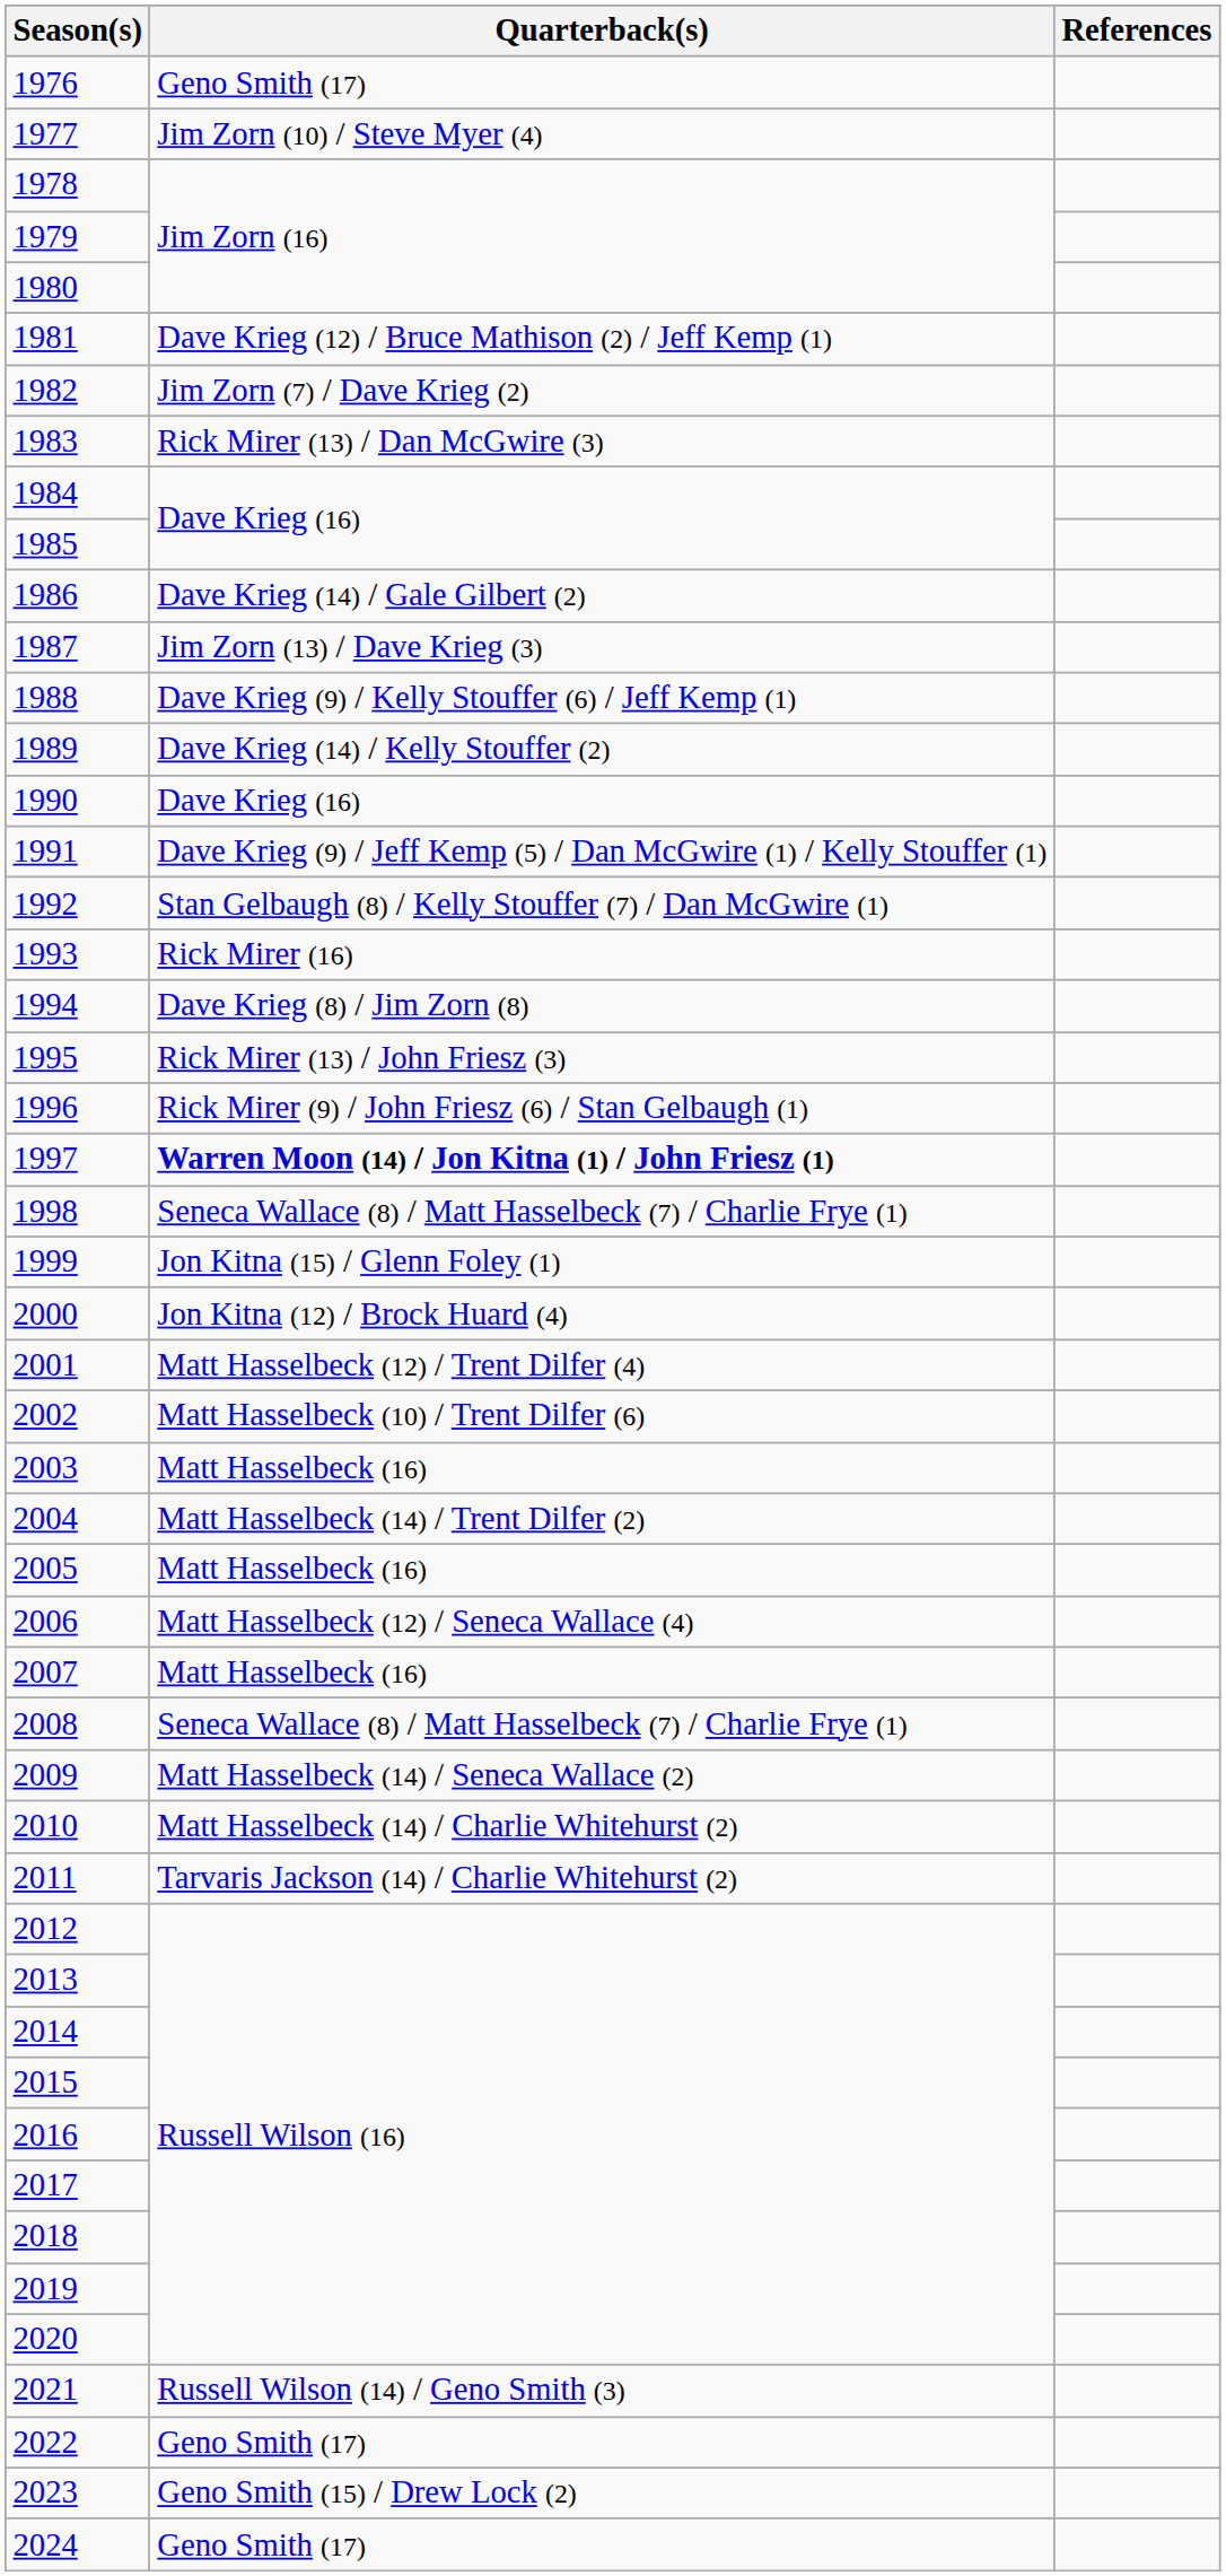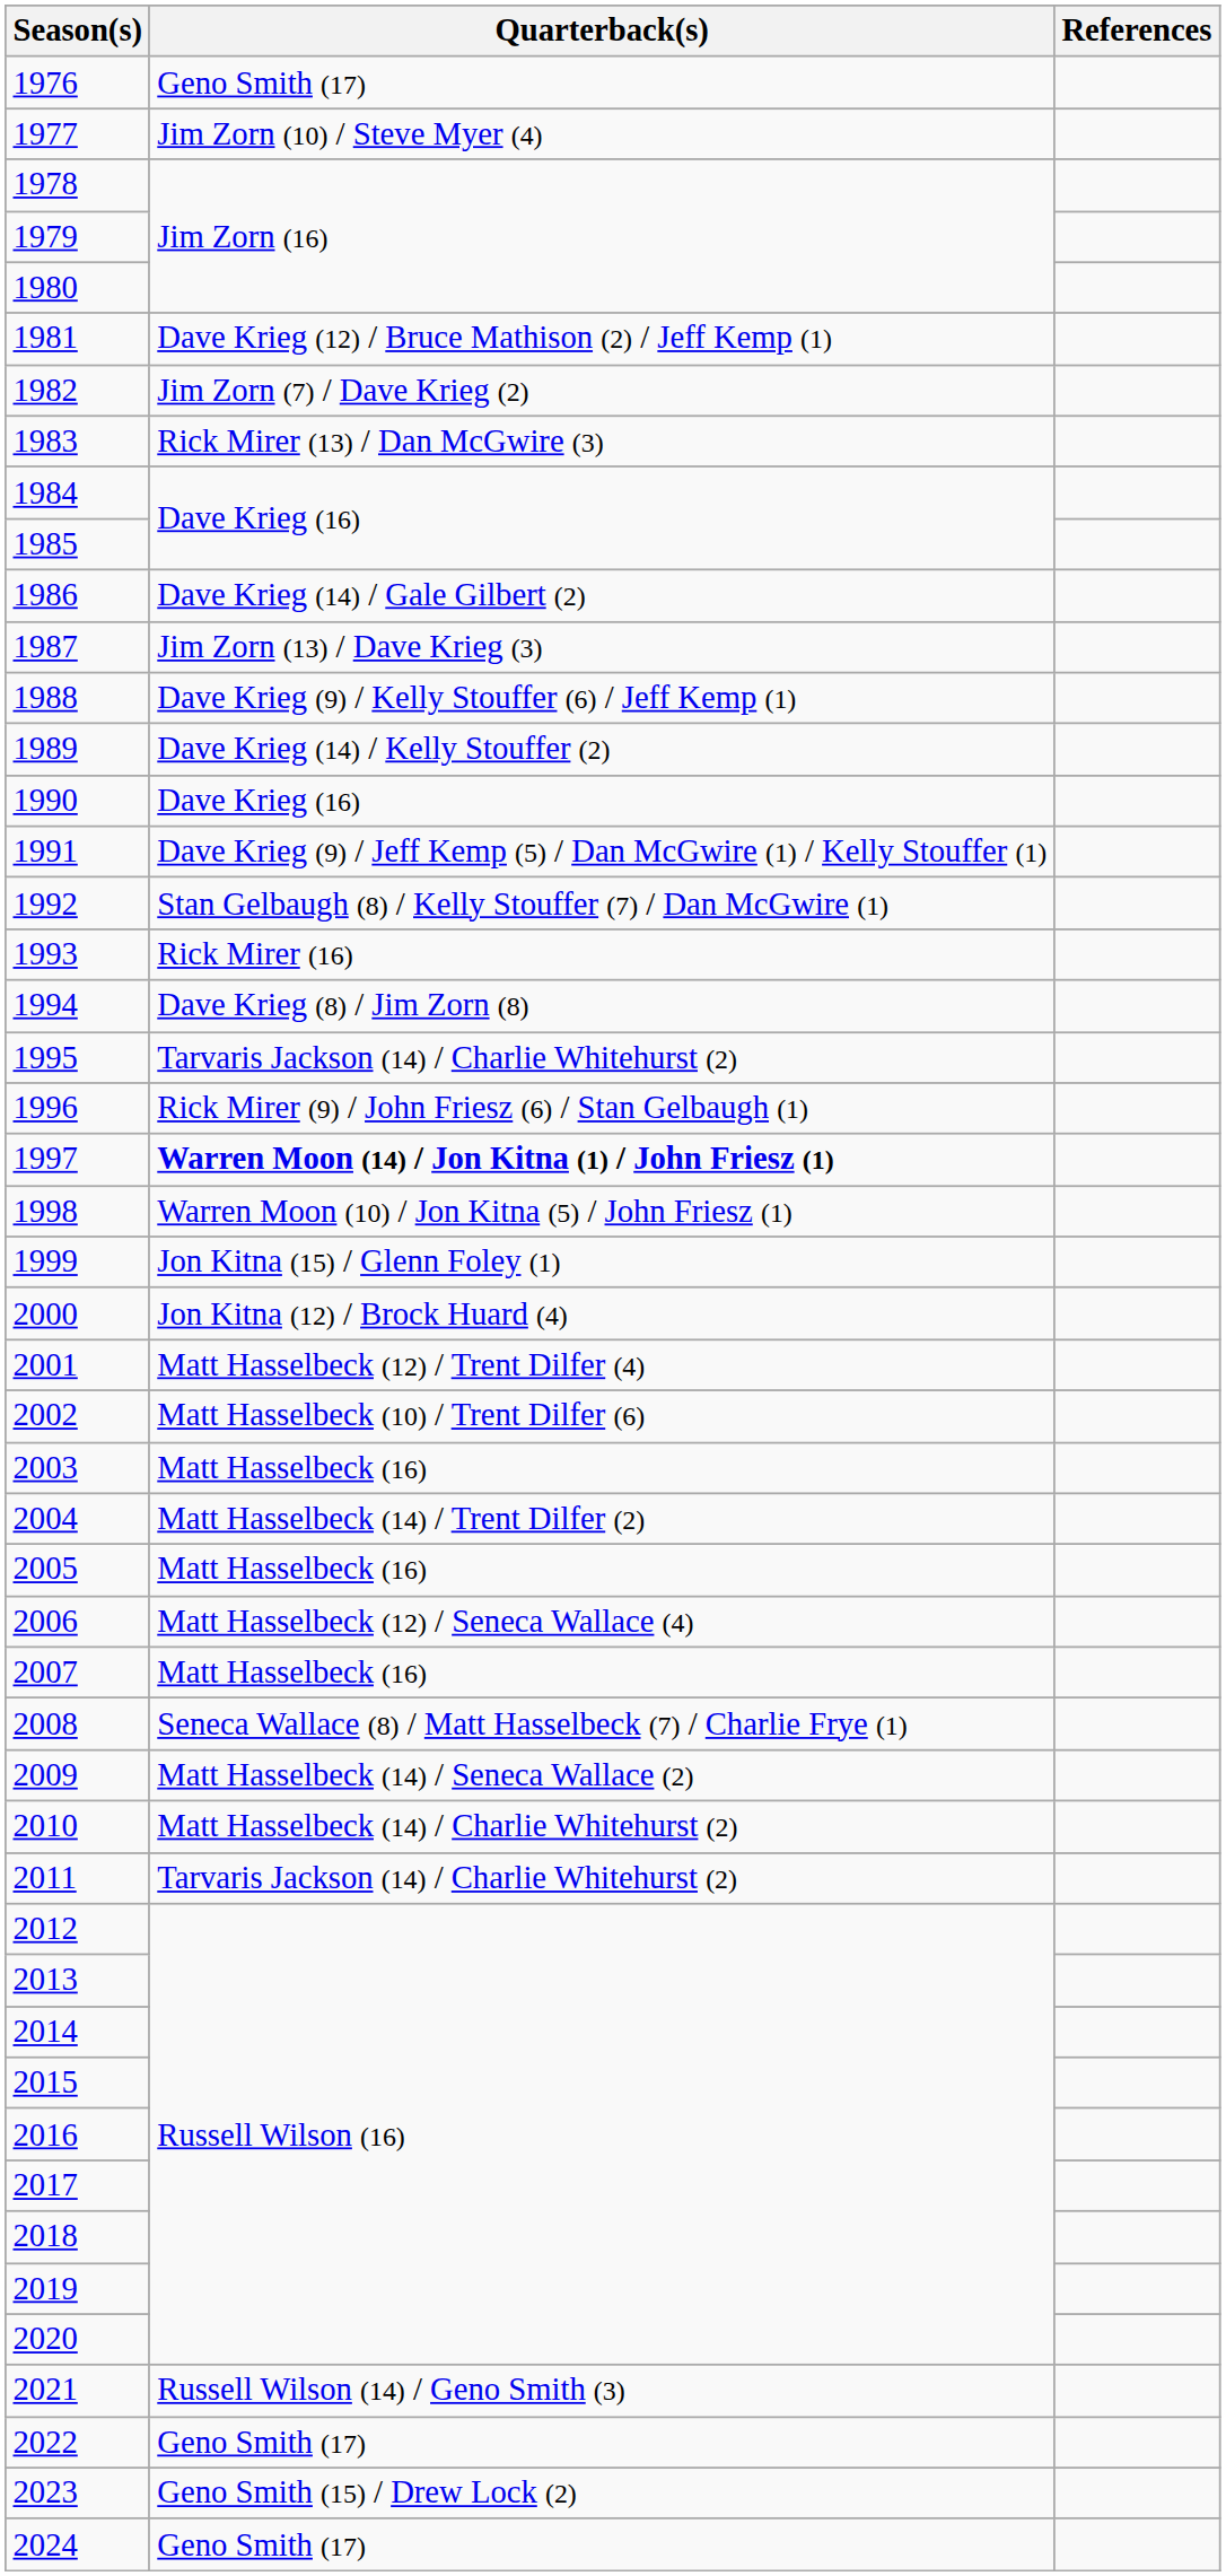 <table class="wikitable sortable">
 <tr>
 <th>Season(s)</th>
 <th>Quarterback(s)</th>
 <th class="unsortable">References</th>
 </tr>
 <tr>
 <td align=left><a href='#'>1976</a></td>
 <td align=left><a href='#'>Geno Smith</a> <small>(17)</small></td>
 <td align="center"></td>
 </tr>
 <tr>
 <td align=left><a href='#'>1977</a></td>
 <td align=left><a href='#'>Jim Zorn</a> <small>(10)</small> / <a href='#'>Steve Myer</a> <small>(4)</small></td>
 <td align="center"></td>
 </tr>
 <tr>
 <td align=left><a href='#'>1978</a></td>
 <td rowspan="3"><a href='#'>Jim Zorn</a> <small>(16)</small></td>
 <td align="center"></td>
 </tr>
 <tr>
 <td align=left><a href='#'>1979</a></td>
 <td align="center"></td>
 </tr>
 <tr>
 <td align=left><a href='#'>1980</a></td>
 <td align="center"></td>
 </tr>
 <tr>
 <td align=left><a href='#'>1981</a></td>
 <td align=left><a href='#'>Dave Krieg</a> <small>(12)</small> / <a href='#'>Bruce Mathison</a> <small>(2)</small> / <a href='#'>Jeff Kemp</a> <small>(1)</small></td>
 <td align="center"></td>
 </tr>
 <tr>
 <td align=left><a href='#'>1982</a></td>
 <td align=left><a href='#'>Jim Zorn</a> <small>(7)</small> / <a href='#'>Dave Krieg</a> <small>(2)</small></td>
 <td align="center"></td>
 </tr>
 <tr>
 <td align=left><a href='#'>1983</a></td>
 <td align=left><a href='#'>Rick Mirer</a> <small>(13)</small> / <a href='#'>Dan McGwire</a> <small>(3)</small></td>
 <td align="center"></td>
 </tr>
 <tr>
 <td align=left><a href='#'>1984</a></td>
 <td rowspan="2"><a href='#'>Dave Krieg</a> <small>(16)</small></td>
 <td align="center"></td>
 </tr>
 <tr>
 <td align=left><a href='#'>1985</a></td>
 <td align="center"></td>
 </tr>
 <tr>
 <td align=left><a href='#'>1986</a></td>
 <td align=left><a href='#'>Dave Krieg</a> <small>(14)</small> / <a href='#'>Gale Gilbert</a> <small>(2)</small></td>
 <td align="center"></td>
 </tr>
 <tr>
 <td align=left><a href='#'>1987</a></td>
 <td align=left><a href='#'>Jim Zorn</a> <small>(13)</small> / <a href='#'>Dave Krieg</a> <small>(3)</small></td>
 <td align="center"></td>
 </tr>
 <tr>
 <td align=left><a href='#'>1988</a></td>
 <td align=left><a href='#'>Dave Krieg</a> <small>(9)</small> / <a href='#'>Kelly Stouffer</a> <small>(6)</small> / <a href='#'>Jeff Kemp</a> <small>(1)</small></td>
 <td align="center"></td>
 </tr>
 <tr>
 <td align=left><a href='#'>1989</a></td>
 <td align=left><a href='#'>Dave Krieg</a> <small>(14)</small> / <a href='#'>Kelly Stouffer</a> <small>(2)</small></td>
 <td align="center"></td>
 </tr>
 <tr>
 <td align=left><a href='#'>1990</a></td>
 <td align=left><a href='#'>Dave Krieg</a> <small>(16)</small></td>
 <td align="center"></td>
 </tr>
 <tr>
 <td align=left><a href='#'>1991</a></td>
 <td align=left><a href='#'>Dave Krieg</a> <small>(9)</small> / <a href='#'>Jeff Kemp</a> <small>(5)</small> / <a href='#'>Dan McGwire</a> <small>(1)</small> / <a href='#'>Kelly Stouffer</a> <small>(1)</small></td>
 <td align="center"></td>
 </tr>
 <tr>
 <td align=left><a href='#'>1992</a></td>
 <td align=left><a href='#'>Stan Gelbaugh</a> <small>(8)</small> / <a href='#'>Kelly Stouffer</a> <small>(7)</small> / <a href='#'>Dan McGwire</a> <small>(1)</small></td>
 <td align="center"></td>
 </tr>
 <tr>
 <td align=left><a href='#'>1993</a></td>
 <td align=left><a href='#'>Rick Mirer</a> <small>(16)</small></td>
 <td align="center"></td>
 </tr>
 <tr>
 <td align=left><a href='#'>1994</a></td>
 <td align=left><a href='#'>Dave Krieg</a> <small>(8)</small> / <a href='#'>Jim Zorn</a> <small>(8)</small></td>
 <td align="center"></td>
 </tr>
 <tr>
 <td align=left><a href='#'>1995</a></td>
-<td align=left><a href='#'>Rick Mirer</a> <small>(13)</small> / <a href='#'>John Friesz</a>  <small>(3)</small></td>
+<td align=left><a href='#'>Tarvaris Jackson</a> <small>(14)</small> / <a href='#'>Charlie Whitehurst</a> <small>(2)</small></td>
 <td align="center"></td>
 </tr>
 <tr>
 <td align=left><a href='#'>1996</a></td>
 <td align=left><a href='#'>Rick Mirer</a> <small>(9)</small> / <a href='#'>John Friesz</a>  <small>(6)</small> / <a href='#'>Stan Gelbaugh</a> <small>(1)</small></td>
 <td align="center"></td>
 </tr>
 <tr>
 <td align=left><a href='#'>1997</a></td>
 <td align=left><strong><a href='#'>Warren Moon</a> <small>(14)</small> / <a href='#'>Jon Kitna</a> <small>(1)</small> / <a href='#'>John Friesz</a> <small>(1)</small></strong></td>
 <td align="center"></td>
 </tr>
 <tr>
 <td align=left><a href='#'>1998</a></td>
-<td align=left><a href='#'>Seneca Wallace</a> <small>(8)</small> / <a href='#'>Matt Hasselbeck</a> <small>(7)</small> / <a href='#'>Charlie Frye</a> <small>(1)</small></td>
+<td align=left><a href='#'>Warren Moon</a> <small>(10)</small> / <a href='#'>Jon Kitna</a> <small>(5)</small> / <a href='#'>John Friesz</a> <small>(1)</small></td>
 <td align="center"></td>
 </tr>
 <tr>
 <td align=left><a href='#'>1999</a></td>
 <td align=left><a href='#'>Jon Kitna</a> <small>(15)</small> / <a href='#'>Glenn Foley</a>  <small>(1)</small></td>
 <td align="center"></td>
 </tr>
 <tr>
 <td align=left><a href='#'>2000</a></td>
 <td align=left><a href='#'>Jon Kitna</a> <small>(12)</small> / <a href='#'>Brock Huard</a>  <small>(4)</small></td>
 <td align="center"></td>
 </tr>
 <tr>
 <td align=left><a href='#'>2001</a></td>
 <td align=left><a href='#'>Matt Hasselbeck</a> <small>(12)</small> / <a href='#'>Trent Dilfer</a> <small>(4)</small></td>
 <td align="center"></td>
 </tr>
 <tr>
 <td align=left><a href='#'>2002</a></td>
 <td align=left><a href='#'>Matt Hasselbeck</a> <small>(10)</small> / <a href='#'>Trent Dilfer</a>  <small>(6)</small></td>
 <td align="center"></td>
 </tr>
 <tr>
 <td align=left><a href='#'>2003</a></td>
 <td align=left><a href='#'>Matt Hasselbeck</a> <small>(16)</small></td>
 <td align="center"></td>
 </tr>
 <tr>
 <td align=left><a href='#'>2004</a></td>
 <td align=left><a href='#'>Matt Hasselbeck</a> <small>(14)</small> / <a href='#'>Trent Dilfer</a>  <small>(2)</small></td>
 <td align="center"></td>
 </tr>
 <tr>
 <td align=left><a href='#'>2005</a></td>
 <td align=left><a href='#'>Matt Hasselbeck</a> <small>(16)</small></td>
 <td align="center"></td>
 </tr>
 <tr>
 <td align=left><a href='#'>2006</a></td>
 <td align=left><a href='#'>Matt Hasselbeck</a> <small>(12)</small> / <a href='#'>Seneca Wallace</a> <small>(4)</small></td>
 <td align="center"></td>
 </tr>
 <tr>
 <td align=left><a href='#'>2007</a></td>
 <td align=left><a href='#'>Matt Hasselbeck</a> <small>(16)</small></td>
 <td align="center"></td>
 </tr>
 <tr>
 <td align=left><a href='#'>2008</a></td>
 <td align=left><a href='#'>Seneca Wallace</a> <small>(8)</small> / <a href='#'>Matt Hasselbeck</a> <small>(7)</small> / <a href='#'>Charlie Frye</a> <small>(1)</small></td>
 <td align="center"></td>
 </tr>
 <tr>
 <td align=left><a href='#'>2009</a></td>
 <td align=left><a href='#'>Matt Hasselbeck</a> <small>(14)</small> / <a href='#'>Seneca Wallace</a> <small>(2)</small></td>
 <td align="center"></td>
 </tr>
 <tr>
 <td align=left><a href='#'>2010</a></td>
 <td align=left><a href='#'>Matt Hasselbeck</a> <small>(14)</small> / <a href='#'>Charlie Whitehurst</a> <small>(2)</small></td>
 <td align="center"></td>
 </tr>
 <tr>
 <td align=left><a href='#'>2011</a></td>
 <td align=left><a href='#'>Tarvaris Jackson</a> <small>(14)</small> / <a href='#'>Charlie Whitehurst</a> <small>(2)</small></td>
 <td align="center"></td>
 </tr>
 <tr>
 <td align=left><a href='#'>2012</a></td>
 <td rowspan="9"><a href='#'>Russell Wilson</a> <small>(16)</small></td>
 <td align="center"></td>
 </tr>
 <tr>
 <td align=left><a href='#'>2013</a></td>
 <td align="center"></td>
 </tr>
 <tr>
 <td align=left><a href='#'>2014</a></td>
 <td align="center"></td>
 </tr>
 <tr>
 <td align=left><a href='#'>2015</a></td>
 <td align="center"></td>
 </tr>
 <tr>
 <td align=left><a href='#'>2016</a></td>
 <td align="center"></td>
 </tr>
 <tr>
 <td align=left><a href='#'>2017</a></td>
 <td align="center"></td>
 </tr>
 <tr>
 <td align=left><a href='#'>2018</a></td>
 <td align="center"></td>
 </tr>
 <tr>
 <td align=left><a href='#'>2019</a></td>
 <td align="center"></td>
 </tr>
 <tr>
 <td align=left><a href='#'>2020</a></td>
 <td align="center"></td>
 </tr>
 <tr>
 <td align=left><a href='#'>2021</a></td>
 <td align=left><a href='#'>Russell Wilson</a> <small>(14)</small> / <a href='#'>Geno Smith</a>  <small>(3)</small></td>
 <td align="center"></td>
 </tr>
 <tr>
 <td><a href='#'>2022</a></td>
 <td align=left><a href='#'>Geno Smith</a> <small>(17)</small></td>
 <td align="center"></td>
 </tr>
 <tr>
 <td><a href='#'>2023</a></td>
 <td align=left><a href='#'>Geno Smith</a> <small>(15)</small> / <a href='#'>Drew Lock</a> <small>(2)</small></td>
 <td align="center"></td>
 </tr>
 <tr>
 <td><a href='#'>2024</a></td>
 <td align=left><a href='#'>Geno Smith</a> <small>(17)</small></td>
 <td align="center"></td>
 </tr>
 </table>
